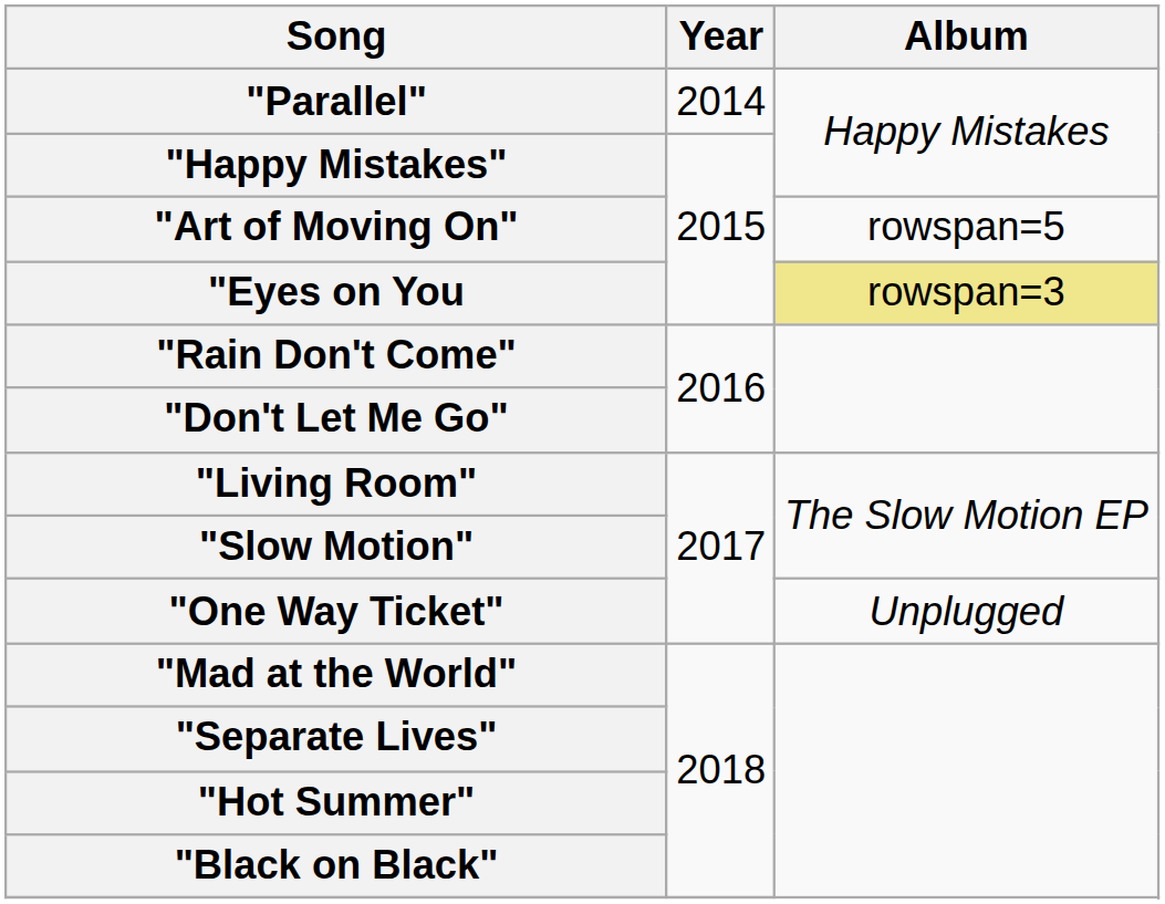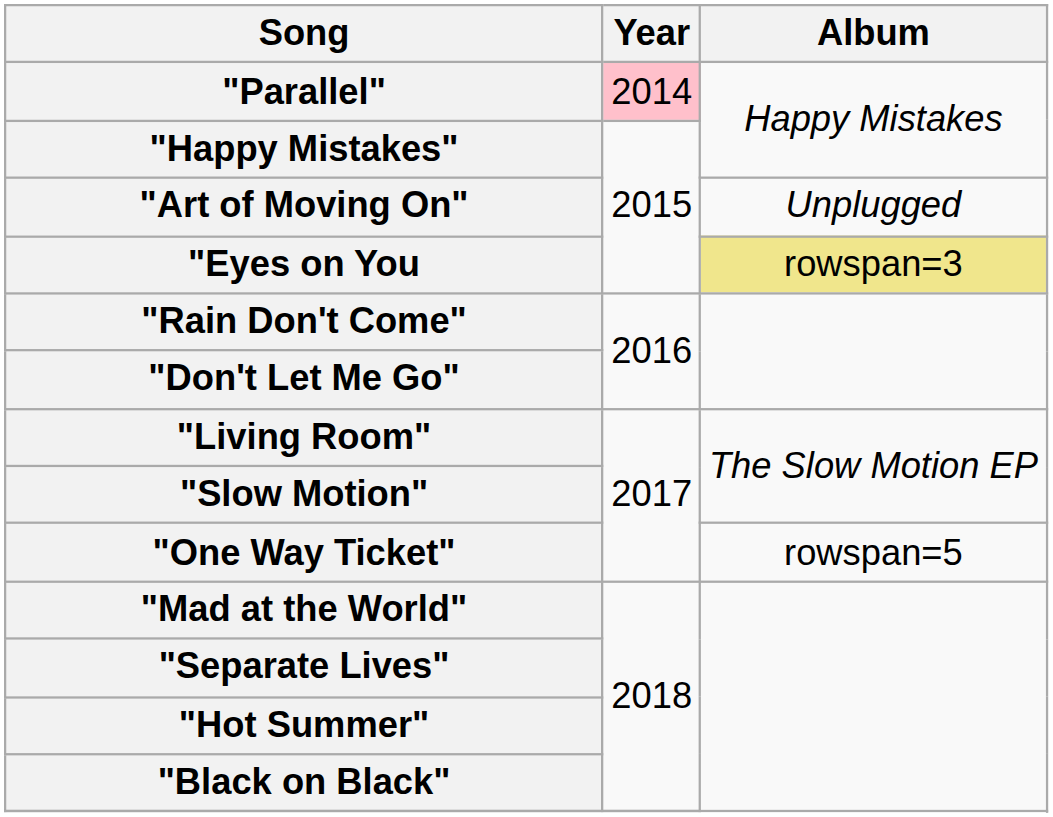 <table class="wikitable plainrowheaders" style="text-align:center;" border="1">
 <tr>
 <th scope="col" style="width:16em;">Song</th>
 <th scope="col">Year</th>
 <th scope="col">Album</th>
 </tr>
 <tr>
 <th scope="row">"Parallel"</th>
-<td>2014</td>
+<td style="background: pink;">2014</td>
 <td rowspan=2><em>Happy Mistakes</em></td>
 </tr>
 <tr>
 <th scope="row">"Happy Mistakes"</th>
 <td rowspan=3>2015</td>
 </tr>
 <tr>
 <th scope="row">"Art of Moving On"</th>
-<td>rowspan=5 </td>
+<td><em>Unplugged</em></td>
 </tr>
 <tr>
 <th scope="row">"Eyes on You</th>
 <td style="background: khaki;">rowspan=3 </td>
 </tr>
 <tr>
 <th scope="row">"Rain Don't Come"</th>
 <td rowspan=2>2016</td>
 </tr>
 <tr>
 <th scope="row">"Don't Let Me Go"</th>
 </tr>
 <tr>
 <th scope="row">"Living Room"</th>
 <td rowspan=3>2017</td>
 <td rowspan=2><em>The Slow Motion EP</em></td>
 </tr>
 <tr>
 <th scope="row">"Slow Motion"</th>
 </tr>
 <tr>
 <th scope="row">"One Way Ticket"</th>
-<td><em>Unplugged</em></td>
+<td>rowspan=5 </td>
 </tr>
 <tr>
 <th scope="row">"Mad at the World"</th>
 <td rowspan=4>2018</td>
 </tr>
 <tr>
 <th scope="row">"Separate Lives"</th>
 </tr>
 <tr>
 <th scope="row">"Hot Summer"</th>
 </tr>
 <tr>
 <th scope="row">"Black on Black"</th>
 </tr>
 <tr>
 </tr>
 </table>
